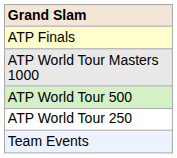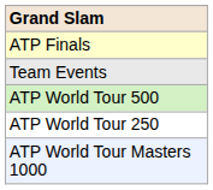 <table class="wikitable" style="font-size:85%; width:13%;">
 <tr>
 </tr>
 <tr style="background:#f3e6d7;">
 <td><strong>Grand Slam</strong></td>
 </tr>
 <tr style="background:#ffffcc;">
 <td>ATP Finals</td>
 </tr>
 <tr style="background:#e9e9e9;">
-<td>ATP World Tour Masters 1000</td>
+<td>Team Events</td>
 </tr>
 <tr style="background:#d4f1c5;">
 <td>ATP World Tour 500</td>
 </tr>
 <tr style="background:#ffffff;">
 <td>ATP World Tour 250</td>
 </tr>
 <tr style="background:#ecf2ff;">
-<td>Team Events</td>
+<td>ATP World Tour Masters 1000</td>
 </tr>
 </table>
